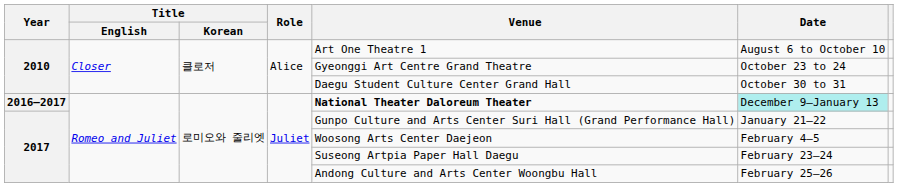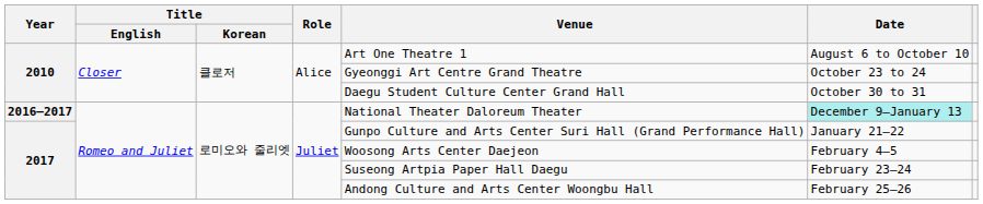 <table class="wikitable sortable plainrowheaders" style="text-align:left; font-size:100%;">
 <tr>
 <th rowspan="2" scope="col">Year</th>
 <th colspan="2" scope="col">Title</th>
 <th rowspan="2" scope="col">Role</th>
 <th rowspan="2" scope="col" class="unsortable">Venue</th>
 <th rowspan="2" scope="col">Date</th>
 <th rowspan="2" scope="col" class="unsortable"></th>
 </tr>
 <tr>
 <th>English</th>
 <th>Korean</th>
 </tr>
 <tr>
 <th rowspan="3" scope="row">2010</th>
 <td rowspan="3"><em><a href='#'>Closer</a></em></td>
 <td rowspan="3">클로저</td>
 <td rowspan="3">Alice</td>
 <td>Art One Theatre 1</td>
 <td>August 6 to October 10</td>
 <td></td>
 </tr>
 <tr>
 <td>Gyeonggi Art Centre Grand Theatre</td>
 <td>October 23 to 24</td>
 <td></td>
 </tr>
 <tr>
 <td>Daegu Student Culture Center Grand Hall</td>
 <td>October 30 to 31</td>
 <td></td>
 </tr>
 <tr>
 <th scope="row">2016–2017</th>
 <td rowspan="5"><em><a href='#'>Romeo and Juliet</a></em></td>
 <td rowspan="5">로미오와 줄리엣</td>
 <td rowspan="5"><a href='#'>Juliet</a></td>
-<td><strong>National Theater Daloreum Theater</strong></td>
+<td>National Theater Daloreum Theater</td>
 <td style="background: paleturquoise;">December 9–January  13</td>
 <td></td>
 </tr>
 <tr>
 <th scope="row" rowspan="4">2017</th>
 <td>Gunpo Culture and Arts Center Suri Hall (Grand Performance Hall)</td>
 <td>January 21–22</td>
 <td></td>
 </tr>
 <tr>
 <td>Woosong Arts Center Daejeon</td>
 <td>February 4–5</td>
 <td></td>
 </tr>
 <tr>
 <td>Suseong Artpia Paper Hall Daegu</td>
 <td>February 23–24</td>
 <td></td>
 </tr>
 <tr>
 <td>Andong Culture and Arts Center Woongbu Hall</td>
 <td>February 25–26</td>
 <td></td>
 </tr>
 </table>
